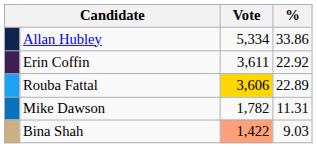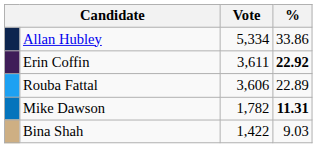 <table class="wikitable">
 <tr>
 <th bgcolor="#DDDDFF" width="230px" colspan="2">Candidate</th>
 <th bgcolor="#DDDDFF" width="50px">Vote</th>
 <th bgcolor="#DDDDFF" width="30px">%</th>
 </tr>
 <tr>
 <td style="background-color:#0d254f;"></td>
 <td style="text-align:left;"><a href='#'>Allan Hubley</a></td>
 <td style="text-align:right;">5,334</td>
 <td style="text-align:right;">33.86</td>
 </tr>
 <tr>
 <td style="background-color:#3F1D58;"></td>
 <td style="text-align:left;">Erin Coffin</td>
 <td style="text-align:right;">3,611</td>
-<td style="text-align:right;">22.92</td>
+<td style="text-align:right;"><strong>22.92</strong></td>
 </tr>
 <tr>
 <td style="background-color:#1DA1F2;"></td>
 <td style="text-align:left;">Rouba Fattal</td>
-<td style="background: gold; text-align:right;">3,606</td>
+<td style="text-align:right;">3,606</td>
 <td style="text-align:right;">22.89</td>
 </tr>
 <tr>
 <td style="background-color:#0474BC;"></td>
 <td style="text-align:left;">Mike Dawson</td>
 <td style="text-align:right;">1,782</td>
-<td style="text-align:right;">11.31</td>
+<td style="text-align:right;"><strong>11.31</strong></td>
 </tr>
 <tr>
 <td style="background-color:#CEAF83;"></td>
 <td style="text-align:left;">Bina Shah</td>
-<td style="background: lightsalmon; text-align:right;">1,422</td>
+<td style="text-align:right;">1,422</td>
 <td style="text-align:right;">9.03</td>
 </tr>
 </table>
